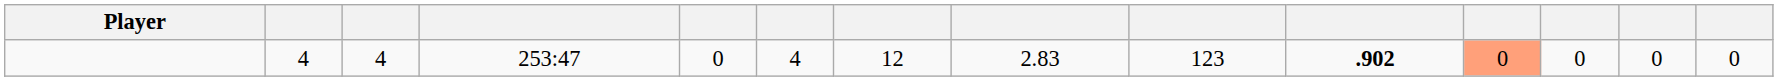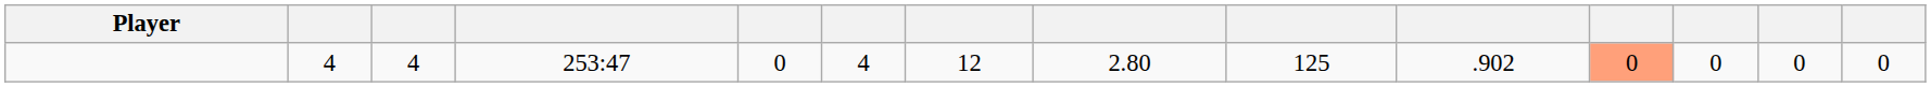 <table class="wikitable sortable" style="width:100%; text-align:center;">
 <tr>
 <th>Player</th>
 <th></th>
 <th></th>
 <th></th>
 <th></th>
 <th></th>
 <th></th>
 <th></th>
 <th></th>
 <th></th>
 <th></th>
 <th></th>
 <th></th>
 <th></th>
 </tr>
 <tr>
 <td></td>
 <td>4</td>
 <td>4</td>
 <td>253:47</td>
 <td>0</td>
 <td>4</td>
 <td>12</td>
-<td>2.83</td>
-<td>123</td>
-<td><strong>.902</strong></td>
+<td>2.80</td>
+<td>125</td>
+<td>.902</td>
 <td style="background: lightsalmon;">0</td>
 <td>0</td>
 <td>0</td>
 <td>0</td>
 </tr>
 </table>
